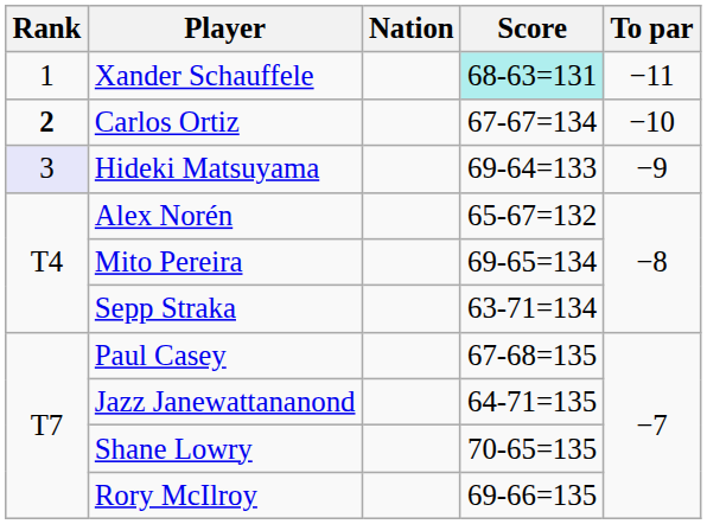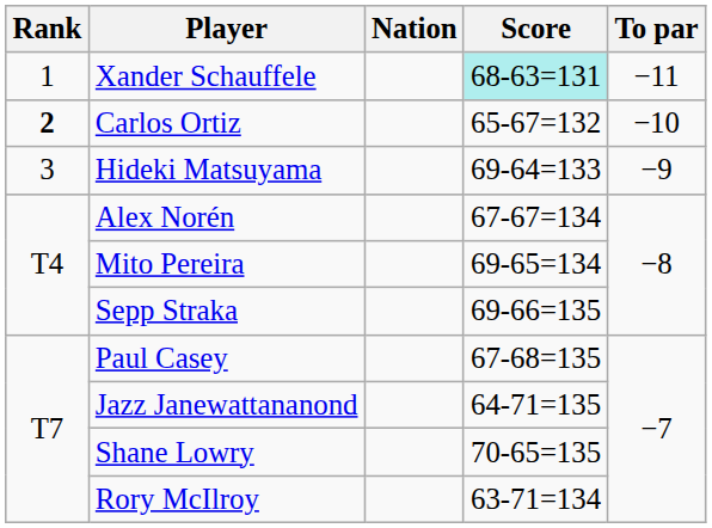 <table class="wikitable">
 <tr>
 <th>Rank</th>
 <th>Player</th>
 <th>Nation</th>
 <th>Score</th>
 <th>To par</th>
 </tr>
 <tr>
 <td align=center>1</td>
 <td><a href='#'>Xander Schauffele</a></td>
 <td></td>
 <td align=center style="background: paleturquoise;">68-63=131</td>
 <td align=center>−11</td>
 </tr>
 <tr>
 <td align=center><strong>2</strong></td>
 <td><a href='#'>Carlos Ortiz</a></td>
 <td></td>
-<td align=center>67-67=134</td>
+<td align=center>65-67=132</td>
 <td align=center>−10</td>
 </tr>
 <tr>
-<td align=center style="background: lavender;">3</td>
+<td align=center>3</td>
 <td><a href='#'>Hideki Matsuyama</a></td>
 <td></td>
 <td align=center>69-64=133</td>
 <td align=center>−9</td>
 </tr>
 <tr>
 <td rowspan=3 align=center>T4</td>
 <td><a href='#'>Alex Norén</a></td>
 <td></td>
-<td align=center>65-67=132</td>
+<td align=center>67-67=134</td>
 <td rowspan=3 align=center>−8</td>
 </tr>
 <tr>
 <td><a href='#'>Mito Pereira</a></td>
 <td></td>
 <td align=center>69-65=134</td>
 </tr>
 <tr>
 <td><a href='#'>Sepp Straka</a></td>
 <td></td>
-<td align=center>63-71=134</td>
+<td align=center>69-66=135</td>
 </tr>
 <tr>
 <td rowspan=4 align=center>T7</td>
 <td><a href='#'>Paul Casey</a></td>
 <td></td>
 <td align=center>67-68=135</td>
 <td rowspan=4 align=center>−7</td>
 </tr>
 <tr>
 <td><a href='#'>Jazz Janewattananond</a></td>
 <td></td>
 <td align=center>64-71=135</td>
 </tr>
 <tr>
 <td><a href='#'>Shane Lowry</a></td>
 <td></td>
 <td align=center>70-65=135</td>
 </tr>
 <tr>
 <td><a href='#'>Rory McIlroy</a></td>
 <td></td>
-<td align=center>69-66=135</td>
+<td align=center>63-71=134</td>
 </tr>
 </table>
